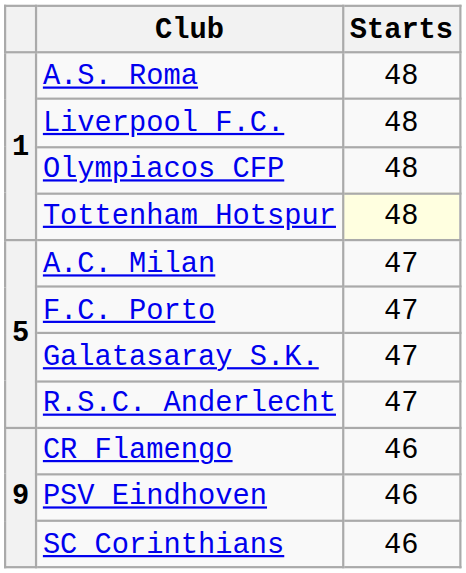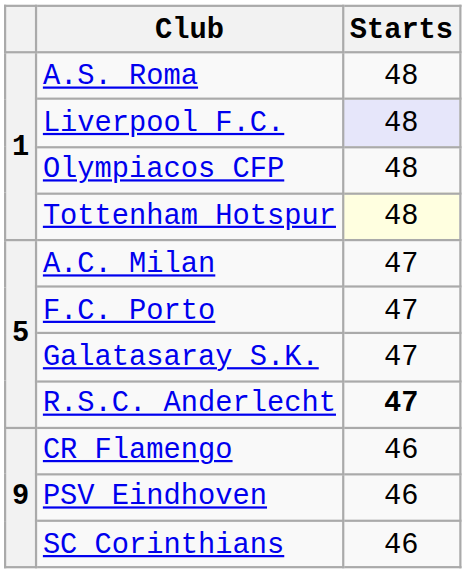 <table class="wikitable" style="float:left; margin-right:1em;">
 <tr>
 <th></th>
 <th>Club</th>
 <th>Starts</th>
 </tr>
 <tr>
 <th rowspan=4>1</th>
 <td> <a href='#'>A.S. Roma</a></td>
 <td align=center>48</td>
 </tr>
 <tr>
 <td> <a href='#'>Liverpool F.C.</a></td>
-<td align=center>48</td>
+<td align=center style="background: lavender;">48</td>
 </tr>
 <tr>
 <td> <a href='#'>Olympiacos CFP</a></td>
 <td align=center>48</td>
 </tr>
 <tr>
 <td> <a href='#'>Tottenham Hotspur</a></td>
 <td align=center style="background: lightyellow;">48</td>
 </tr>
 <tr>
 <th rowspan=4>5</th>
 <td> <a href='#'>A.C. Milan</a></td>
 <td align=center>47</td>
 </tr>
 <tr>
 <td> <a href='#'>F.C. Porto</a></td>
 <td align=center>47</td>
 </tr>
 <tr>
 <td> <a href='#'>Galatasaray S.K.</a></td>
 <td align=center>47</td>
 </tr>
 <tr>
 <td> <a href='#'>R.S.C. Anderlecht</a></td>
-<td align=center>47</td>
+<td align=center><strong>47</strong></td>
 </tr>
 <tr>
 <th rowspan=3>9</th>
 <td> <a href='#'>CR Flamengo</a></td>
 <td align=center>46</td>
 </tr>
 <tr>
 <td> <a href='#'>PSV Eindhoven</a></td>
 <td align=center>46</td>
 </tr>
 <tr>
 <td> <a href='#'>SC Corinthians</a></td>
 <td align=center>46</td>
 </tr>
 </table>
